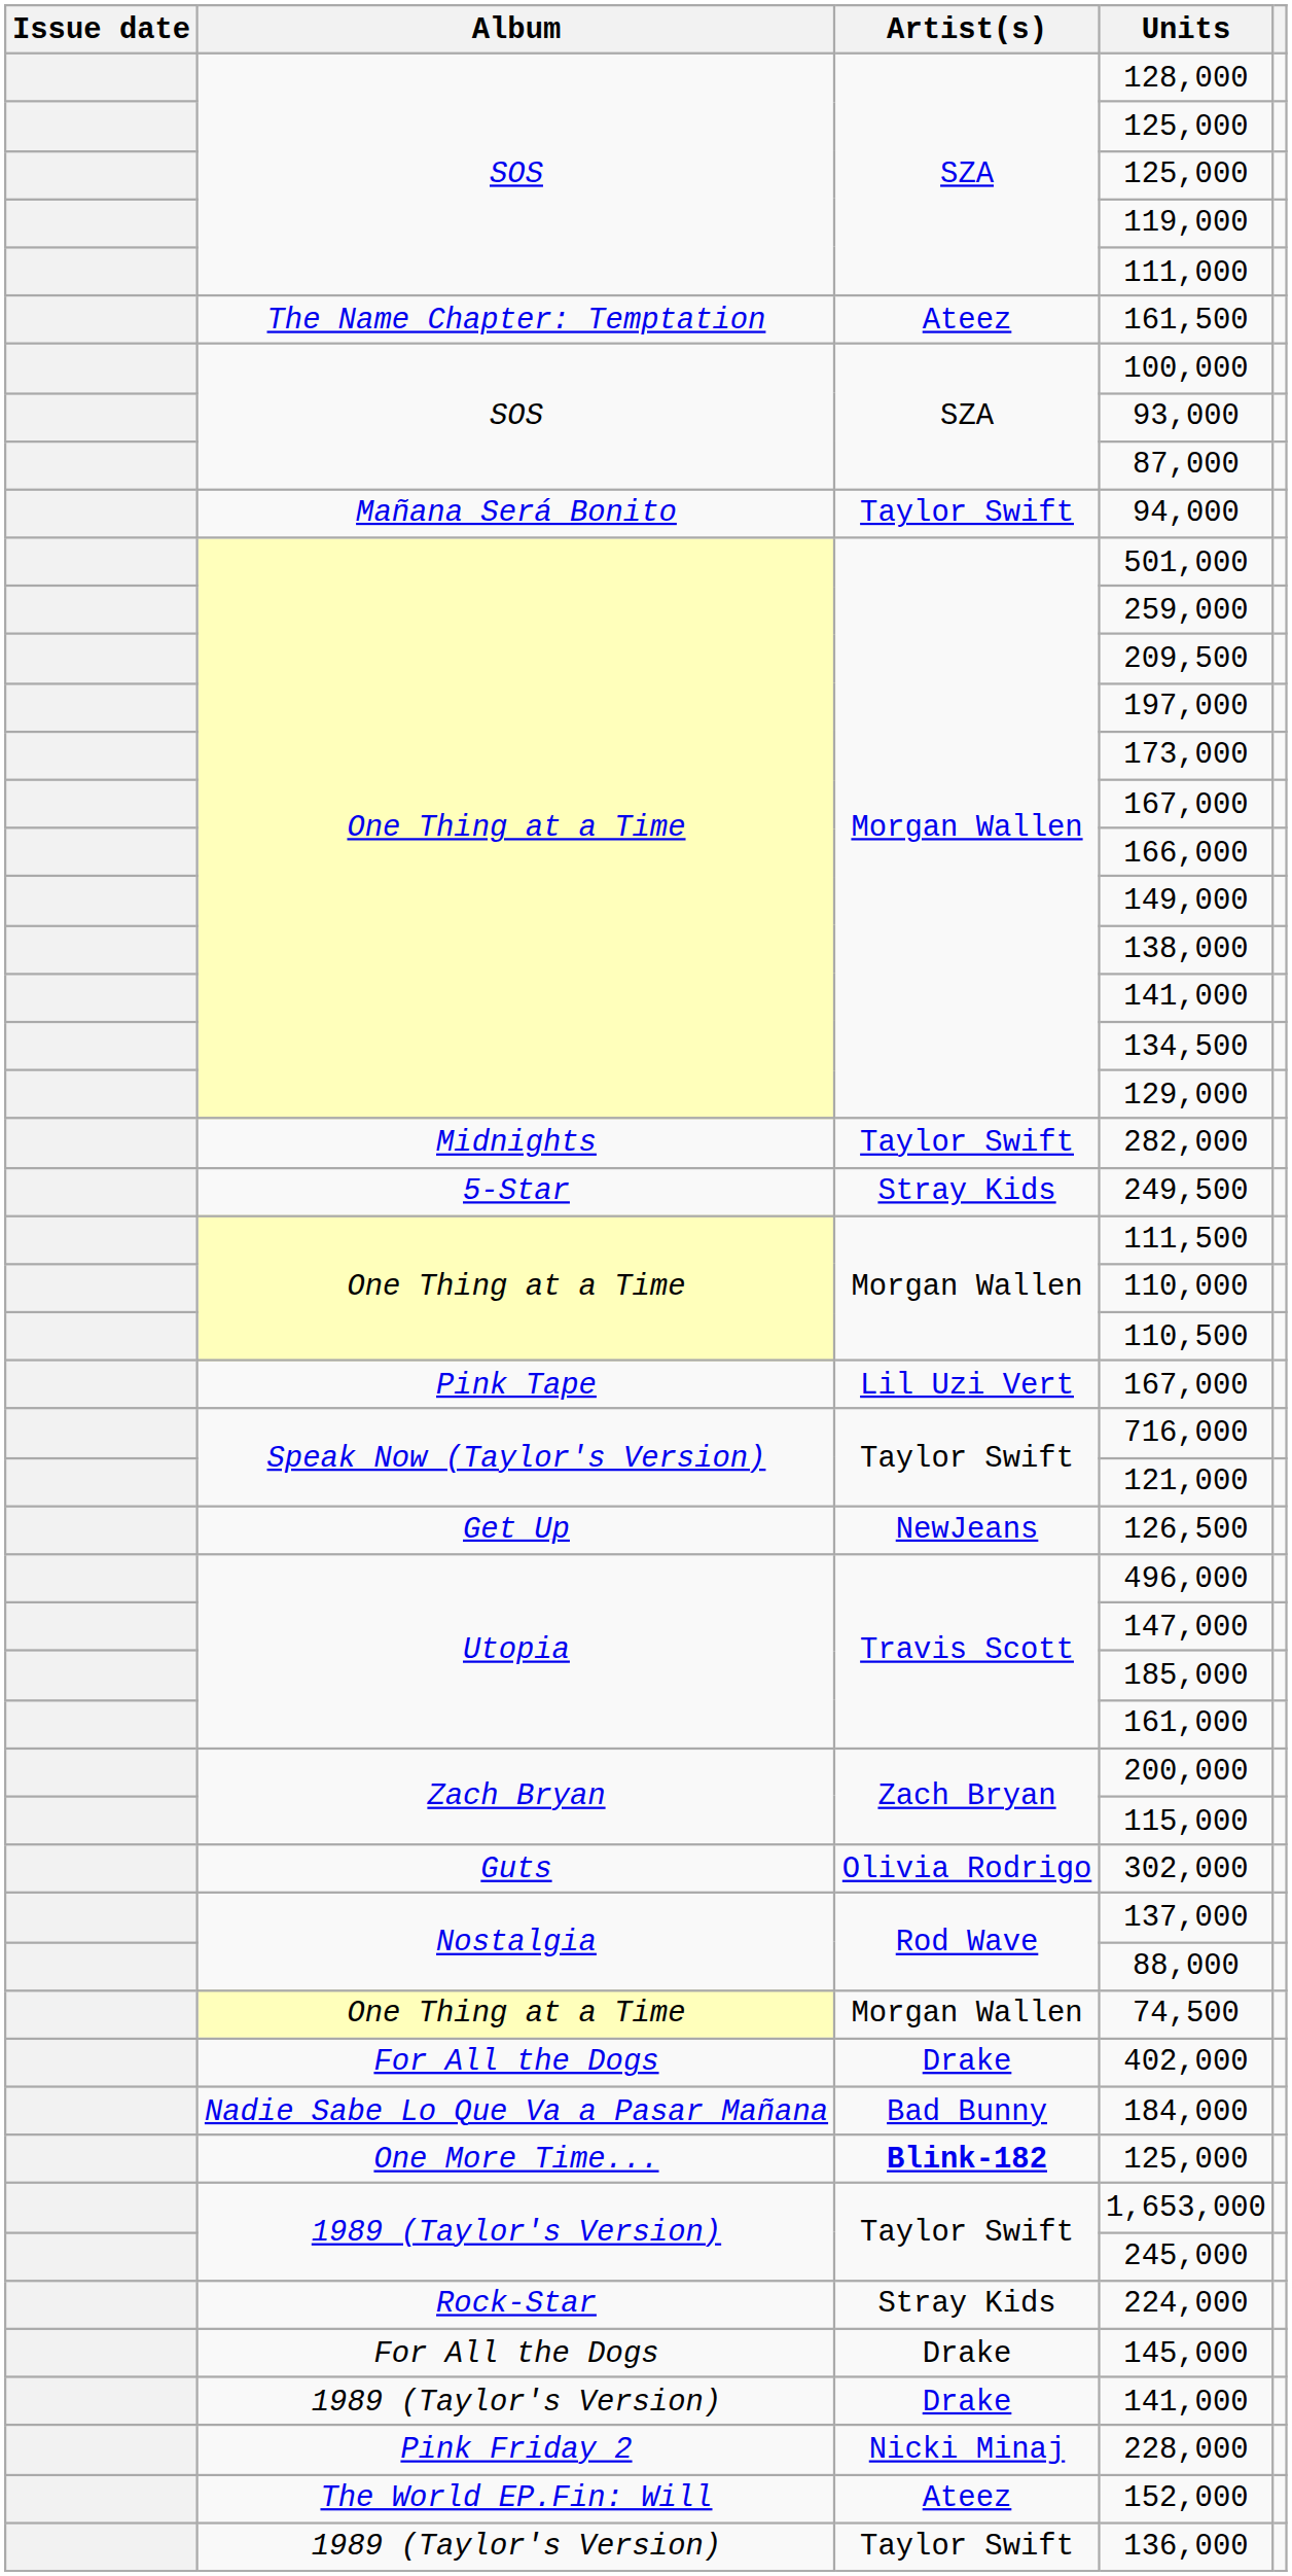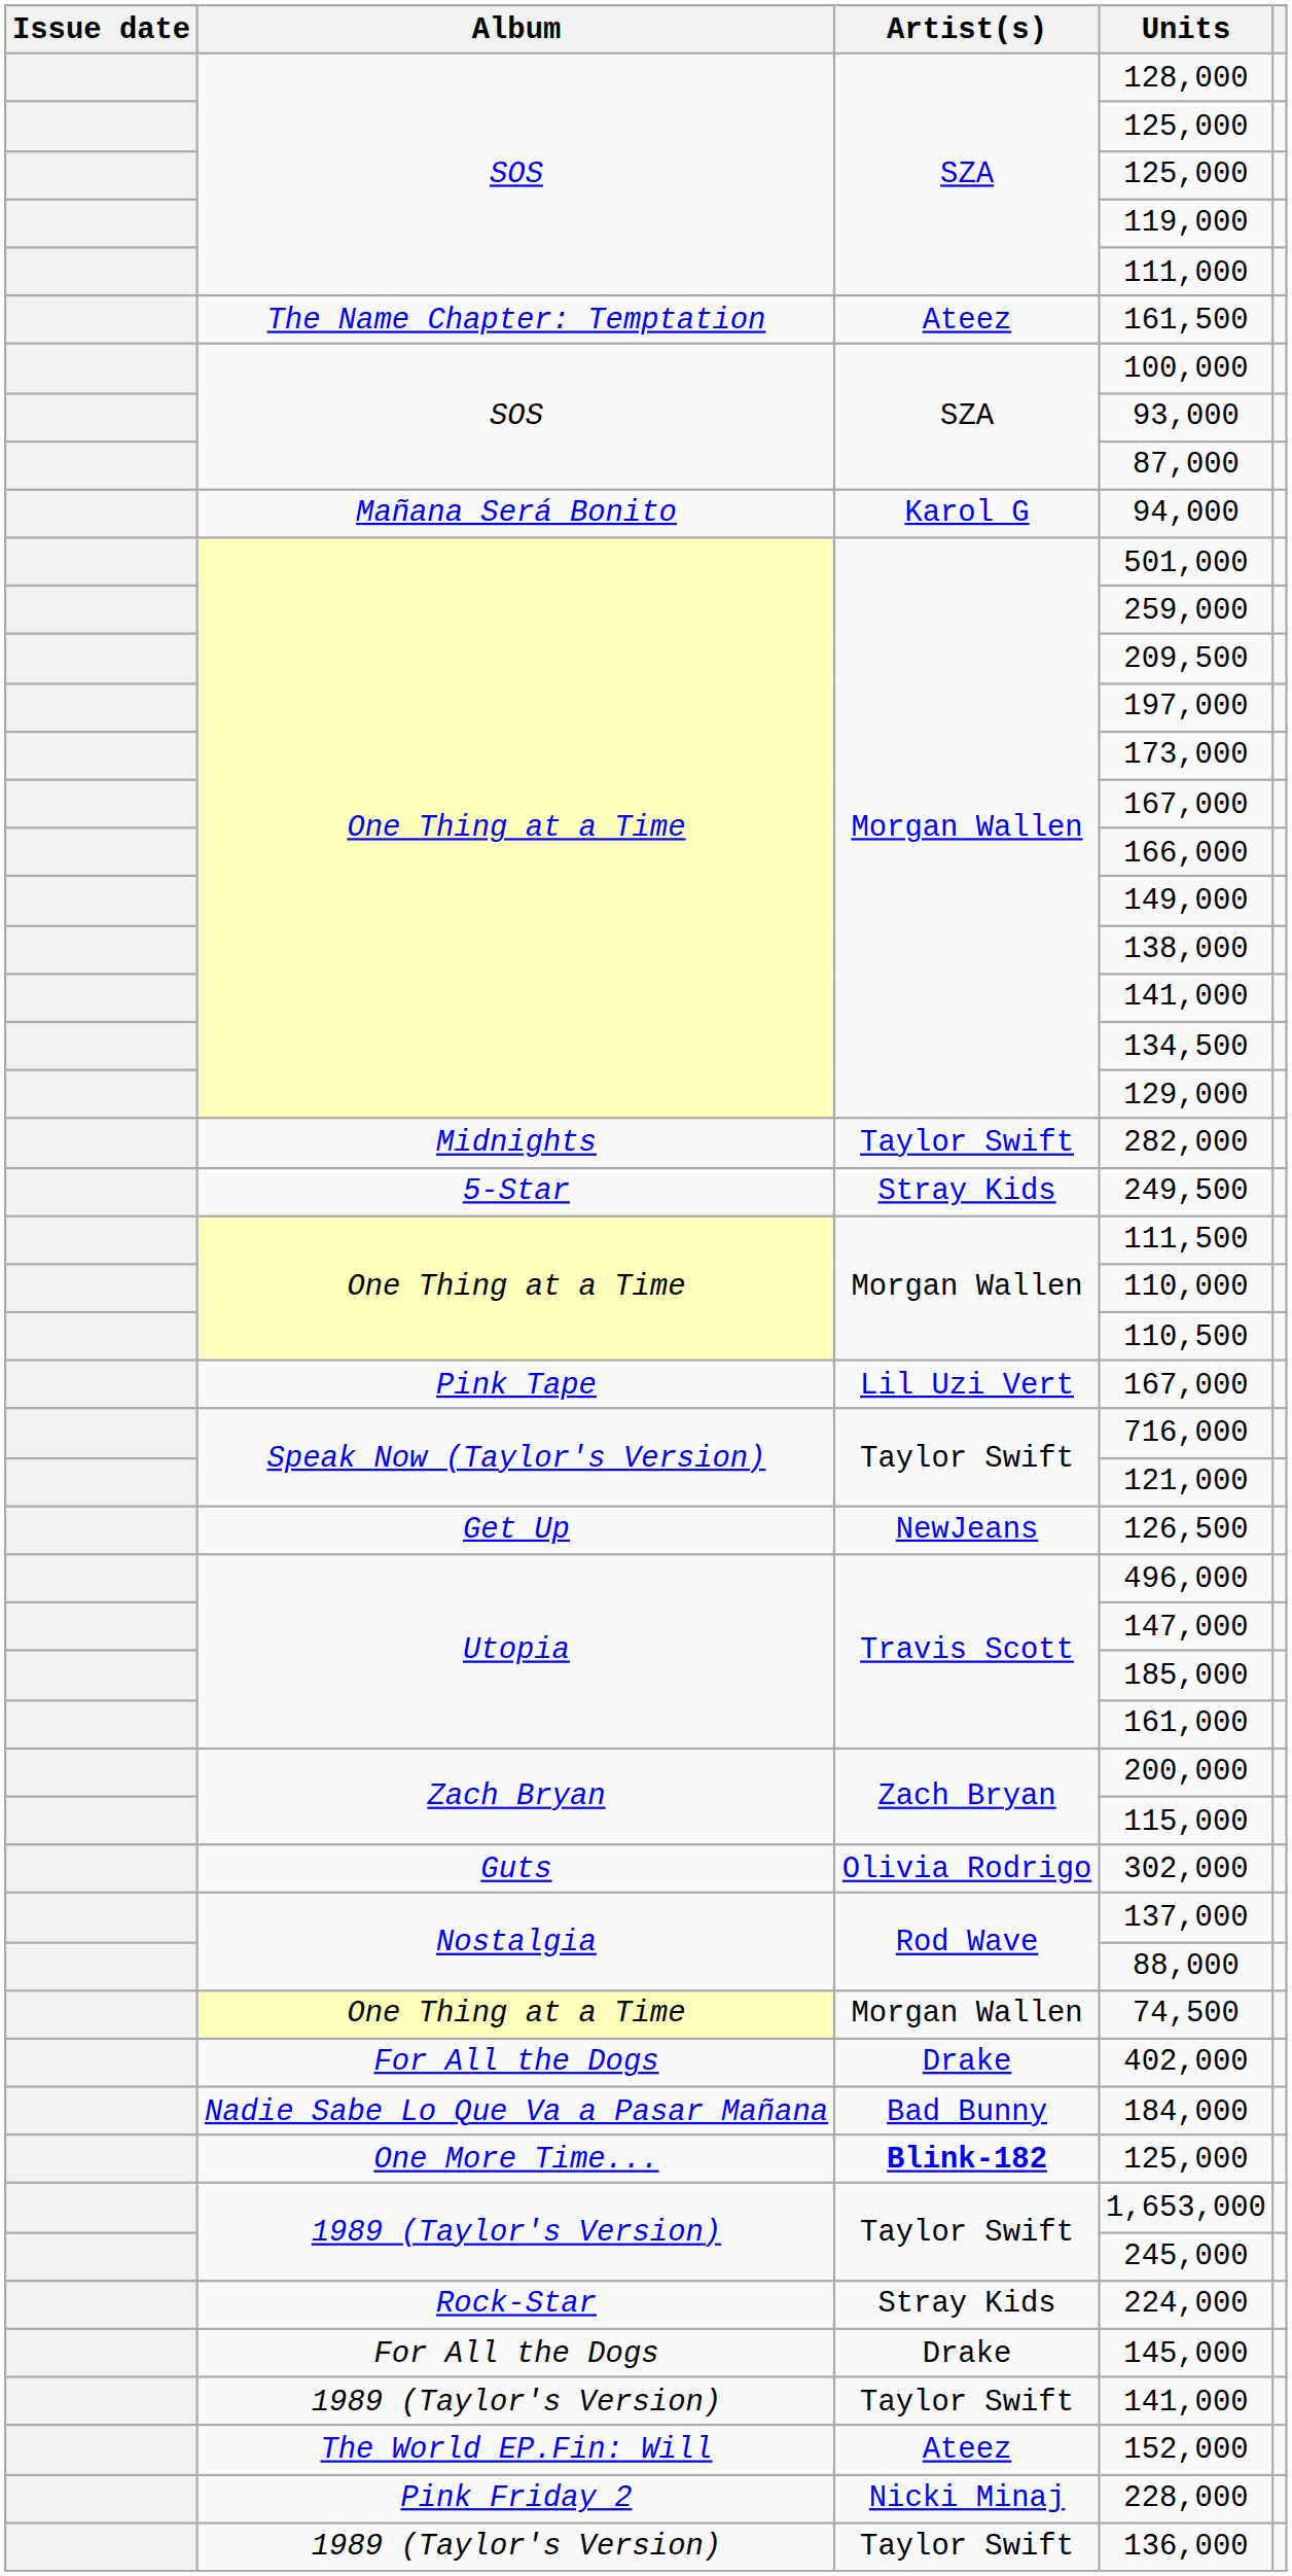 <table class="wikitable sortable plainrowheaders" style="text-align: center">
 <tr>
 <th scope="col">Issue date</th>
 <th scope="col">Album</th>
 <th scope="col">Artist(s)</th>
 <th scope="col">Units</th>
 <th scope="col" class="unsortable"></th>
 </tr>
 <tr>
 <th scope="row"></th>
 <td rowspan="5"><em><a href='#'>SOS</a></em></td>
 <td rowspan="5"><a href='#'>SZA</a></td>
 <td>128,000</td>
 <td></td>
 </tr>
 <tr>
 <th scope="row"></th>
 <td>125,000</td>
 <td></td>
 </tr>
 <tr>
 <th scope="row"></th>
 <td>125,000</td>
 <td></td>
 </tr>
 <tr>
 <th scope="row"></th>
 <td>119,000</td>
 <td></td>
 </tr>
 <tr>
 <th scope="row"></th>
 <td>111,000</td>
 <td></td>
 </tr>
 <tr>
 <th scope="row"></th>
 <td><em><a href='#'>The Name Chapter: Temptation</a></em></td>
 <td><a href='#'>Ateez</a></td>
 <td>161,500</td>
 <td></td>
 </tr>
 <tr>
 <th scope="row"></th>
 <td rowspan="3"><em>SOS</em></td>
 <td rowspan="3">SZA</td>
 <td>100,000</td>
 <td></td>
 </tr>
 <tr>
 <th scope="row"></th>
 <td>93,000</td>
 <td></td>
 </tr>
 <tr>
 <th scope="row"></th>
 <td>87,000</td>
 <td></td>
 </tr>
 <tr>
 <th scope="row"></th>
 <td><em><a href='#'>Mañana Será Bonito</a></em></td>
-<td><a href='#'>Taylor Swift</a></td>
+<td><a href='#'>Karol G</a></td>
 <td>94,000</td>
 <td></td>
 </tr>
 <tr>
 <th scope="row"></th>
 <td rowspan="12" style="background-color:#FFFFBB"><em><a href='#'>One Thing at a Time</a></em> </td>
 <td rowspan="12"><a href='#'>Morgan Wallen</a></td>
 <td>501,000</td>
 <td></td>
 </tr>
 <tr>
 <th scope="row"></th>
 <td>259,000</td>
 <td></td>
 </tr>
 <tr>
 <th scope="row"></th>
 <td>209,500</td>
 <td></td>
 </tr>
 <tr>
 <th scope="row"></th>
 <td>197,000</td>
 <td></td>
 </tr>
 <tr>
 <th scope="row"></th>
 <td>173,000</td>
 <td></td>
 </tr>
 <tr>
 <th scope="row"></th>
 <td>167,000</td>
 <td></td>
 </tr>
 <tr>
 <th scope="row"></th>
 <td>166,000</td>
 <td></td>
 </tr>
 <tr>
 <th scope="row"></th>
 <td>149,000</td>
 <td></td>
 </tr>
 <tr>
 <th scope="row"></th>
 <td>138,000</td>
 <td></td>
 </tr>
 <tr>
 <th scope="row"></th>
 <td>141,000</td>
 <td></td>
 </tr>
 <tr>
 <th scope="row"></th>
 <td>134,500</td>
 <td></td>
 </tr>
 <tr>
 <th scope="row"></th>
 <td>129,000</td>
 <td></td>
 </tr>
 <tr>
 <th scope="row"></th>
 <td><em><a href='#'>Midnights</a></em></td>
 <td><a href='#'>Taylor Swift</a></td>
 <td>282,000</td>
 <td></td>
 </tr>
 <tr>
 <th scope="row"></th>
 <td><em><a href='#'>5-Star</a></em></td>
 <td><a href='#'>Stray Kids</a></td>
 <td>249,500</td>
 <td></td>
 </tr>
 <tr>
 <th scope="row"></th>
 <td rowspan="3" style="background-color:#FFFFBB"><em>One Thing at a Time</em> </td>
 <td rowspan="3">Morgan Wallen</td>
 <td>111,500</td>
 <td></td>
 </tr>
 <tr>
 <th scope="row"></th>
 <td>110,000</td>
 <td></td>
 </tr>
 <tr>
 <th scope="row"></th>
 <td>110,500</td>
 <td></td>
 </tr>
 <tr>
 <th scope="row"></th>
 <td><em><a href='#'>Pink Tape</a></em></td>
 <td><a href='#'>Lil Uzi Vert</a></td>
 <td>167,000</td>
 <td></td>
 </tr>
 <tr>
 <th scope="row"></th>
 <td rowspan="2"><em><a href='#'>Speak Now (Taylor's Version)</a></em></td>
 <td rowspan="2">Taylor Swift</td>
 <td>716,000</td>
 <td></td>
 </tr>
 <tr>
 <th scope="row"></th>
 <td>121,000</td>
 <td></td>
 </tr>
 <tr>
 <th scope="row"></th>
 <td><em><a href='#'>Get Up</a></em></td>
 <td><a href='#'>NewJeans</a></td>
 <td>126,500</td>
 <td></td>
 </tr>
 <tr>
 <th scope="row"></th>
 <td rowspan="4"><em><a href='#'>Utopia</a></em></td>
 <td rowspan="4"><a href='#'>Travis Scott</a></td>
 <td>496,000</td>
 <td></td>
 </tr>
 <tr>
 <th scope="row"></th>
 <td>147,000</td>
 <td></td>
 </tr>
 <tr>
 <th scope="row"></th>
 <td>185,000</td>
 <td></td>
 </tr>
 <tr>
 <th scope="row"></th>
 <td>161,000</td>
 <td></td>
 </tr>
 <tr>
 <th scope="row"></th>
 <td rowspan="2"><em><a href='#'>Zach Bryan</a></em></td>
 <td rowspan="2"><a href='#'>Zach Bryan</a></td>
 <td>200,000</td>
 <td></td>
 </tr>
 <tr>
 <th scope="row"></th>
 <td>115,000</td>
 <td></td>
 </tr>
 <tr>
 <th scope="row"></th>
 <td><em><a href='#'>Guts</a></em></td>
 <td><a href='#'>Olivia Rodrigo</a></td>
 <td>302,000</td>
 <td></td>
 </tr>
 <tr>
 <th scope="row"></th>
 <td rowspan="2"><em><a href='#'>Nostalgia</a></em></td>
 <td rowspan="2"><a href='#'>Rod Wave</a></td>
 <td>137,000</td>
 <td></td>
 </tr>
 <tr>
 <th scope="row"></th>
 <td>88,000</td>
 <td></td>
 </tr>
 <tr>
 <th scope="row"></th>
 <td style="background-color:#FFFFBB"><em>One Thing at a Time</em> </td>
 <td>Morgan Wallen</td>
 <td>74,500</td>
 <td></td>
 </tr>
 <tr>
 <th scope="row"></th>
 <td><em><a href='#'>For All the Dogs</a></em></td>
 <td><a href='#'>Drake</a></td>
 <td>402,000</td>
 <td></td>
 </tr>
 <tr>
 <th scope="row"></th>
 <td><em><a href='#'>Nadie Sabe Lo Que Va a Pasar Mañana</a></em></td>
 <td><a href='#'>Bad Bunny</a></td>
 <td>184,000</td>
 <td></td>
 </tr>
 <tr>
 <th scope="row"></th>
 <td><em><a href='#'>One More Time...</a></em></td>
 <td><strong><a href='#'>Blink-182</a></strong></td>
 <td>125,000</td>
 <td></td>
 </tr>
 <tr>
 <th scope="row"></th>
 <td rowspan="2"><em><a href='#'>1989 (Taylor's Version)</a></em></td>
 <td rowspan="2">Taylor Swift</td>
 <td>1,653,000</td>
 <td></td>
 </tr>
 <tr>
 <th scope="row"></th>
 <td>245,000</td>
 <td></td>
 </tr>
 <tr>
 <th scope="row"></th>
 <td><em><a href='#'>Rock-Star</a></em></td>
 <td>Stray Kids</td>
 <td>224,000</td>
 <td></td>
 </tr>
 <tr>
 <th scope="row"></th>
 <td><em>For All the Dogs</em></td>
 <td>Drake</td>
 <td>145,000</td>
 <td></td>
 </tr>
 <tr>
 <th scope="row"></th>
 <td><em>1989 (Taylor's Version)</em></td>
-<td><a href='#'>Drake</a></td>
+<td>Taylor Swift</td>
 <td>141,000</td>
+<td></td>
+</tr>
+<tr>
+<th scope="row"></th>
+<td><em><a href='#'>The World EP.Fin: Will</a></em></td>
+<td><a href='#'>Ateez</a></td>
+<td>152,000</td>
 <td></td>
 </tr>
 <tr>
 <th scope="row"></th>
 <td><em><a href='#'>Pink Friday 2</a></em></td>
 <td><a href='#'>Nicki Minaj</a></td>
 <td>228,000</td>
 <td></td>
 </tr>
 <tr>
 <th scope="row"></th>
-<td><em><a href='#'>The World EP.Fin: Will</a></em></td>
-<td><a href='#'>Ateez</a></td>
-<td>152,000</td>
-<td></td>
-</tr>
-<tr>
-<th scope="row"></th>
 <td><em>1989 (Taylor's Version)</em></td>
 <td>Taylor Swift</td>
 <td>136,000</td>
 <td></td>
 </tr>
 </table>
